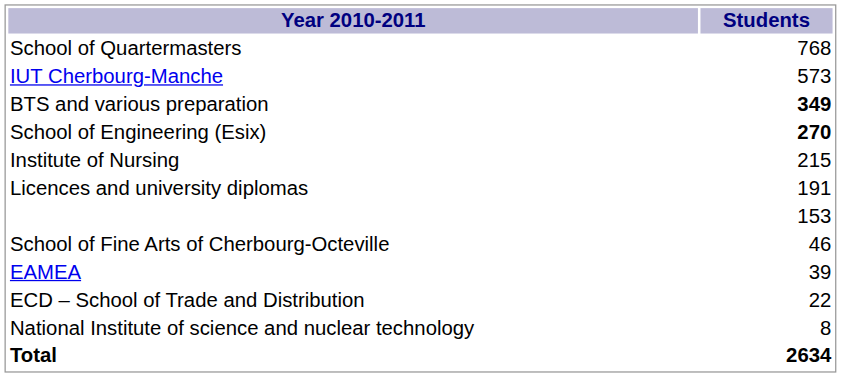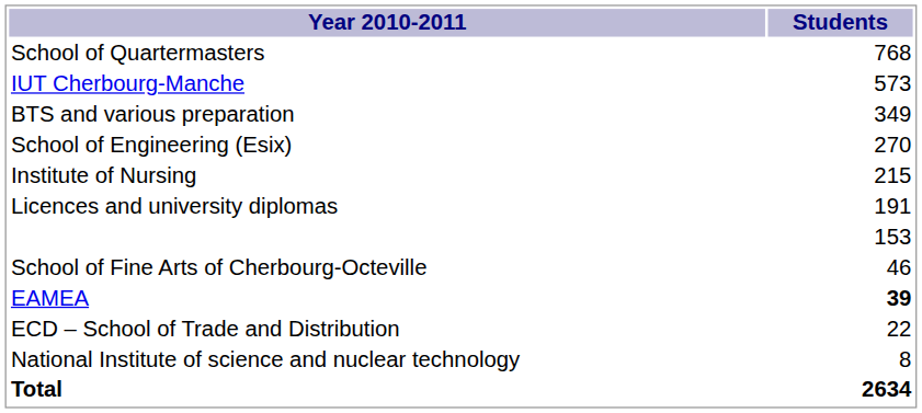 <table border="0" align="right" style="border: 1px solid #999; margin: 1em; background-color:#FFFFFF" width="33%">
 <tr align="center" style="background:#bdbbd7;color:#000080; text-align:center;padding:3px;">
 <th>Year 2010-2011</th>
 <th>Students</th>
 </tr>
 <tr>
 <td>School of Quartermasters</td>
 <td align=right>768</td>
 </tr>
 <tr>
 <td><a href='#'>IUT Cherbourg-Manche</a></td>
 <td align=right>573</td>
 </tr>
 <tr>
 <td>BTS and various preparation</td>
-<td align=right><strong>349</strong></td>
+<td align=right>349</td>
 </tr>
 <tr>
 <td>School of Engineering (Esix)</td>
-<td align=right><strong>270</strong></td>
+<td align=right>270</td>
 </tr>
 <tr>
 <td>Institute of Nursing</td>
 <td align=right>215</td>
 </tr>
 <tr>
 <td>Licences and university diplomas</td>
 <td align=right>191</td>
 </tr>
 <tr>
 <td></td>
 <td align=right>153</td>
 </tr>
 <tr>
 <td>School of Fine Arts of Cherbourg-Octeville</td>
 <td align=right>46</td>
 </tr>
 <tr>
 <td><a href='#'>EAMEA</a></td>
-<td align=right>39</td>
+<td align=right><strong>39</strong></td>
 </tr>
 <tr>
 <td>ECD – School of Trade and Distribution</td>
 <td align=right>22</td>
 </tr>
 <tr>
 <td>National Institute of science and nuclear technology</td>
 <td align=right>8</td>
 </tr>
 <tr>
 <td><strong>Total</strong></td>
 <td align=right><strong>2634</strong></td>
 </tr>
 </table>
